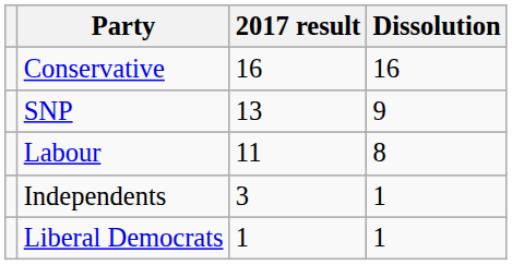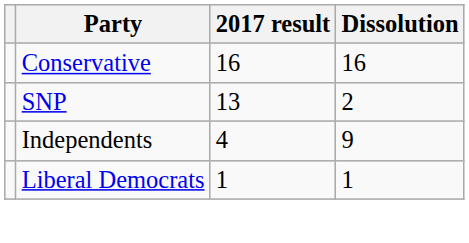 <table class="wikitable">
 <tr>
 <th></th>
 <th scope="col">Party</th>
 <th scope="col">2017 result</th>
 <th scope="col">Dissolution</th>
 </tr>
 <tr>
 <td style="background:"></td>
 <td scope="row"><a href='#'>Conservative</a></td>
 <td>16</td>
 <td>16</td>
 </tr>
 <tr>
 <td style="background:"></td>
 <td scope="row"><a href='#'>SNP</a></td>
 <td>13</td>
-<td>9</td>
-</tr>
-<tr>
-<td style="background:"></td>
-<td scope="row"><a href='#'>Labour</a></td>
-<td>11</td>
-<td>8</td>
+<td>2</td>
 </tr>
 <tr>
 <td style="background:"></td>
 <td scope="row">Independents</td>
-<td>3</td>
-<td>1</td>
+<td>4</td>
+<td>9</td>
 </tr>
 <tr>
 <td style="background:"></td>
 <td scope="row"><a href='#'>Liberal Democrats</a></td>
 <td>1</td>
 <td>1</td>
 </tr>
 </table>
